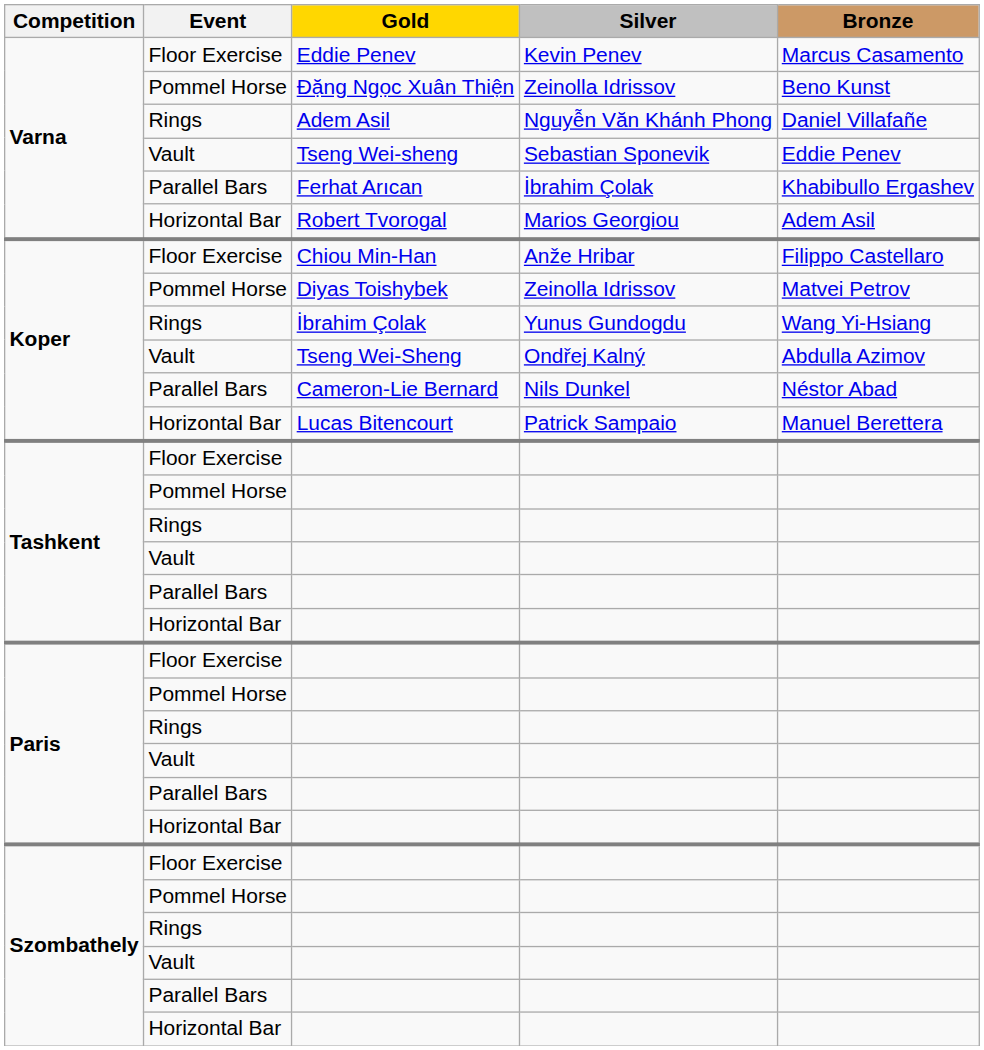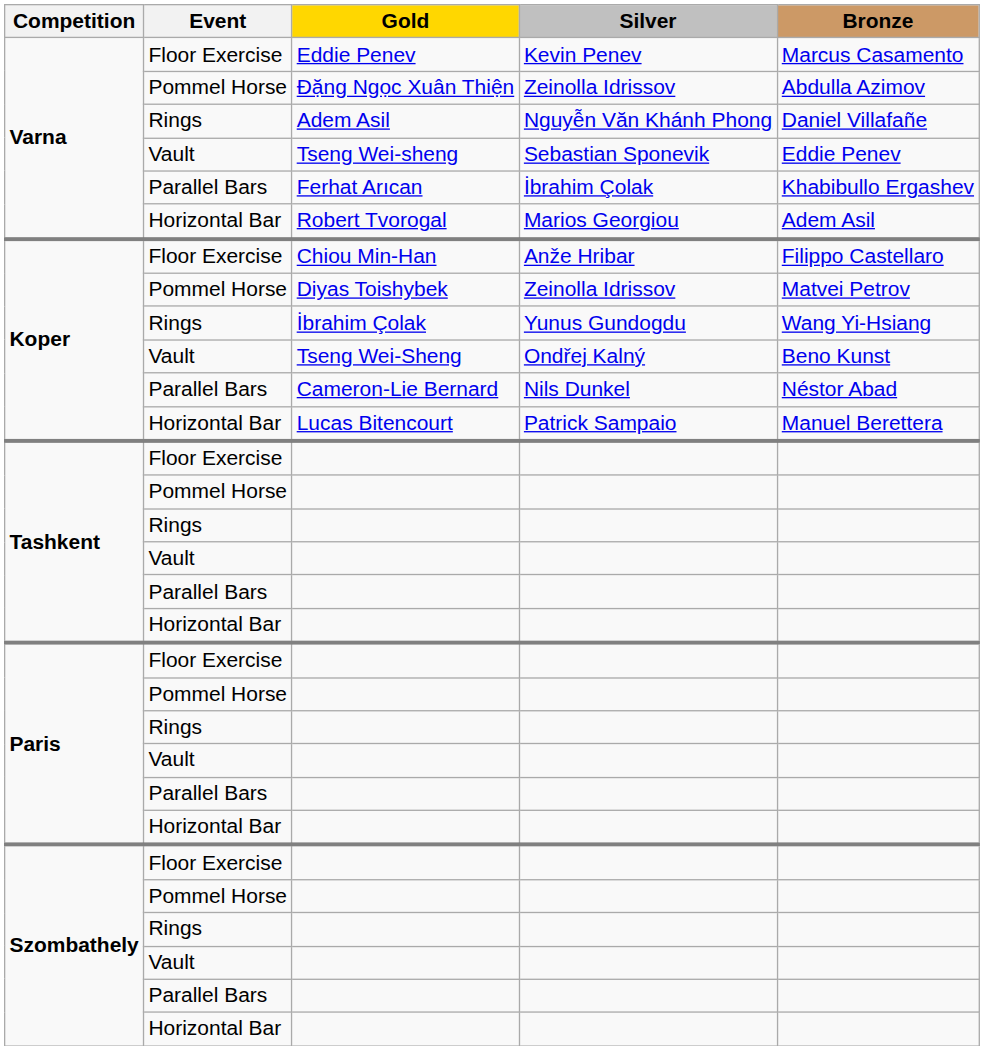 <table class="wikitable">
 <tr>
 <th style="text-align:center;">Competition</th>
 <th style="text-align:center;">Event</th>
 <td style="text-align:center; background:gold;"><strong>Gold</strong></td>
 <td style="text-align:center; background:silver;"><strong>Silver</strong></td>
 <td style="text-align:center; background:#c96;"><strong>Bronze</strong></td>
 </tr>
 <tr>
 <td rowspan=6><strong>Varna</strong></td>
 <td>Floor Exercise</td>
 <td> <a href='#'>Eddie Penev</a></td>
 <td> <a href='#'>Kevin Penev</a></td>
 <td> <a href='#'>Marcus Casamento</a></td>
 </tr>
 <tr>
 <td>Pommel Horse</td>
 <td> <a href='#'>Đặng Ngọc Xuân Thiện</a></td>
 <td> <a href='#'>Zeinolla Idrissov</a></td>
-<td> <a href='#'>Beno Kunst</a></td>
+<td> <a href='#'>Abdulla Azimov</a></td>
 </tr>
 <tr>
 <td>Rings</td>
 <td> <a href='#'>Adem Asil</a></td>
 <td> <a href='#'>Nguyễn Văn Khánh Phong</a></td>
 <td> <a href='#'>Daniel Villafañe</a></td>
 </tr>
 <tr>
 <td>Vault</td>
 <td> <a href='#'>Tseng Wei-sheng</a></td>
 <td> <a href='#'>Sebastian Sponevik</a></td>
 <td> <a href='#'>Eddie Penev</a></td>
 </tr>
 <tr>
 <td>Parallel Bars</td>
 <td> <a href='#'>Ferhat Arıcan</a></td>
 <td> <a href='#'>İbrahim Çolak</a></td>
 <td> <a href='#'>Khabibullo Ergashev</a></td>
 </tr>
 <tr>
 <td>Horizontal Bar</td>
 <td> <a href='#'>Robert Tvorogal</a></td>
 <td> <a href='#'>Marios Georgiou</a></td>
 <td> <a href='#'>Adem Asil</a></td>
 </tr>
 <tr style="border-top: 3px solid grey;">
 <td rowspan=6><strong>Koper</strong></td>
 <td>Floor Exercise</td>
 <td> <a href='#'>Chiou Min-Han</a></td>
 <td> <a href='#'>Anže Hribar</a></td>
 <td> <a href='#'>Filippo Castellaro</a></td>
 </tr>
 <tr>
 <td>Pommel Horse</td>
 <td> <a href='#'>Diyas Toishybek</a></td>
 <td> <a href='#'>Zeinolla Idrissov</a></td>
 <td> <a href='#'>Matvei Petrov</a></td>
 </tr>
 <tr>
 <td>Rings</td>
 <td> <a href='#'>İbrahim Çolak</a></td>
 <td> <a href='#'>Yunus Gundogdu</a></td>
 <td> <a href='#'>Wang Yi-Hsiang</a></td>
 </tr>
 <tr>
 <td>Vault</td>
 <td> <a href='#'>Tseng Wei-Sheng</a></td>
 <td> <a href='#'>Ondřej Kalný</a></td>
-<td> <a href='#'>Abdulla Azimov</a></td>
+<td> <a href='#'>Beno Kunst</a></td>
 </tr>
 <tr>
 <td>Parallel Bars</td>
 <td> <a href='#'>Cameron-Lie Bernard</a></td>
 <td> <a href='#'>Nils Dunkel</a></td>
 <td> <a href='#'>Néstor Abad</a></td>
 </tr>
 <tr>
 <td>Horizontal Bar</td>
 <td> <a href='#'>Lucas Bitencourt</a></td>
 <td> <a href='#'>Patrick Sampaio</a></td>
 <td> <a href='#'>Manuel Berettera</a></td>
 </tr>
 <tr style="border-top: 3px solid grey;">
 <td rowspan=6><strong>Tashkent</strong></td>
 <td>Floor Exercise</td>
 <td></td>
 <td></td>
 <td></td>
 </tr>
 <tr>
 <td>Pommel Horse</td>
 <td></td>
 <td></td>
 <td></td>
 </tr>
 <tr>
 <td>Rings</td>
 <td></td>
 <td></td>
 <td></td>
 </tr>
 <tr>
 <td>Vault</td>
 <td></td>
 <td></td>
 <td></td>
 </tr>
 <tr>
 <td>Parallel Bars</td>
 <td></td>
 <td></td>
 <td></td>
 </tr>
 <tr>
 <td>Horizontal Bar</td>
 <td></td>
 <td></td>
 <td></td>
 </tr>
 <tr style="border-top: 3px solid grey;">
 <td rowspan=6><strong>Paris</strong></td>
 <td>Floor Exercise</td>
 <td></td>
 <td></td>
 <td></td>
 </tr>
 <tr>
 <td>Pommel Horse</td>
 <td></td>
 <td></td>
 <td></td>
 </tr>
 <tr>
 <td>Rings</td>
 <td></td>
 <td></td>
 <td></td>
 </tr>
 <tr>
 <td>Vault</td>
 <td></td>
 <td></td>
 <td></td>
 </tr>
 <tr>
 <td>Parallel Bars</td>
 <td></td>
 <td></td>
 <td></td>
 </tr>
 <tr>
 <td>Horizontal Bar</td>
 <td></td>
 <td></td>
 <td></td>
 </tr>
 <tr style="border-top: 3px solid grey;">
 <td rowspan=6><strong>Szombathely</strong></td>
 <td>Floor Exercise</td>
 <td></td>
 <td></td>
 <td></td>
 </tr>
 <tr>
 <td>Pommel Horse</td>
 <td></td>
 <td></td>
 <td></td>
 </tr>
 <tr>
 <td>Rings</td>
 <td></td>
 <td></td>
 <td></td>
 </tr>
 <tr>
 <td>Vault</td>
 <td></td>
 <td></td>
 <td></td>
 </tr>
 <tr>
 <td>Parallel Bars</td>
 <td></td>
 <td></td>
 <td></td>
 </tr>
 <tr>
 <td>Horizontal Bar</td>
 <td></td>
 <td></td>
 <td></td>
 </tr>
 </table>
